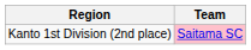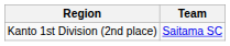 <table class="wikitable" style="text-align:center;">
 <tr>
 <th>Region</th>
 <th>Team</th>
 </tr>
 <tr>
 <td>Kanto 1st Division (2nd place)</td>
-<td style="background: pink;"><a href='#'>Saitama SC</a></td>
+<td><a href='#'>Saitama SC</a></td>
 </tr>
 </table>
